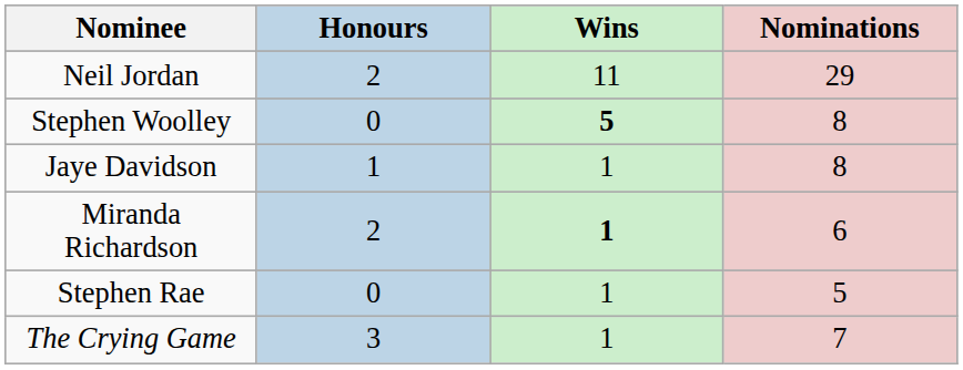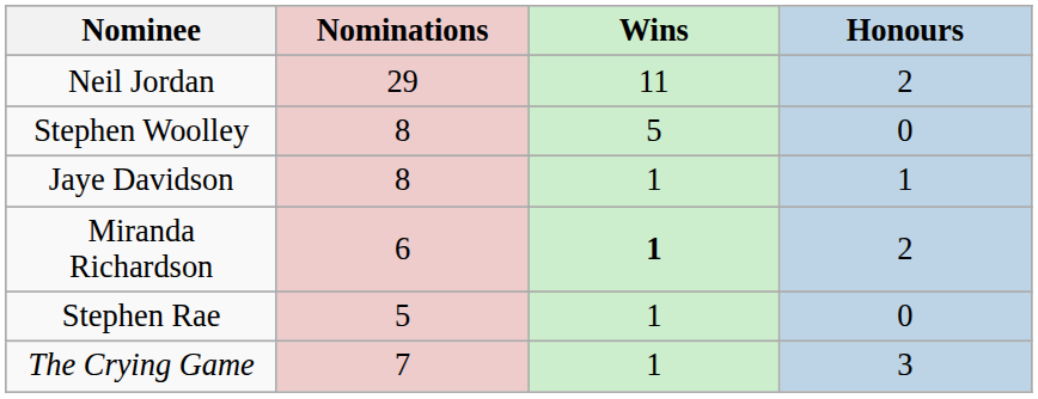 <table class="wikitable" style="text-align:center;">
 <tr>
 <th width="130">Nominee</th>
+<th width="120" style="background:#ecc;">Nominations</th>
+<th width="120" style="background:#cec;">Wins</th>
 <th width="120" style="background:#BCD4E6;">Honours</th>
-<th width="120" style="background:#cec;">Wins</th>
-<th width="120" style="background:#ecc;">Nominations</th>
 </tr>
 <tr>
 <td>Neil Jordan</td>
+<td style="background:#ecc;">29</td>
+<td style="background:#cec;">11</td>
 <td style="background:#BCD4E6;">2</td>
-<td style="background:#cec;">11</td>
-<td style="background:#ecc;">29</td>
 </tr>
 <tr>
 <td>Stephen Woolley</td>
+<td style="background:#ecc;">8</td>
+<td style="background:#cec;">5</td>
 <td style="background:#BCD4E6;">0</td>
-<td style="background:#cec;"><strong>5</strong></td>
-<td style="background:#ecc;">8</td>
 </tr>
 <tr>
 <td>Jaye Davidson</td>
+<td style="background:#ecc;">8</td>
+<td style="background:#cec;">1</td>
 <td style="background:#BCD4E6;">1</td>
-<td style="background:#cec;">1</td>
-<td style="background:#ecc;">8</td>
 </tr>
 <tr>
 <td>Miranda Richardson</td>
+<td style="background:#ecc;">6</td>
+<td style="background:#cec;"><strong>1</strong></td>
 <td style="background:#BCD4E6;">2</td>
-<td style="background:#cec;"><strong>1</strong></td>
-<td style="background:#ecc;">6</td>
 </tr>
 <tr>
 <td>Stephen Rae</td>
+<td style="background:#ecc;">5</td>
+<td style="background:#cec;">1</td>
 <td style="background:#BCD4E6;">0</td>
-<td style="background:#cec;">1</td>
-<td style="background:#ecc;">5</td>
 </tr>
 <tr>
 <td><em>The Crying Game</em></td>
+<td style="background:#ecc;">7</td>
+<td style="background:#cec;">1</td>
 <td style="background:#BCD4E6;">3</td>
-<td style="background:#cec;">1</td>
-<td style="background:#ecc;">7</td>
 </tr>
 </table>
